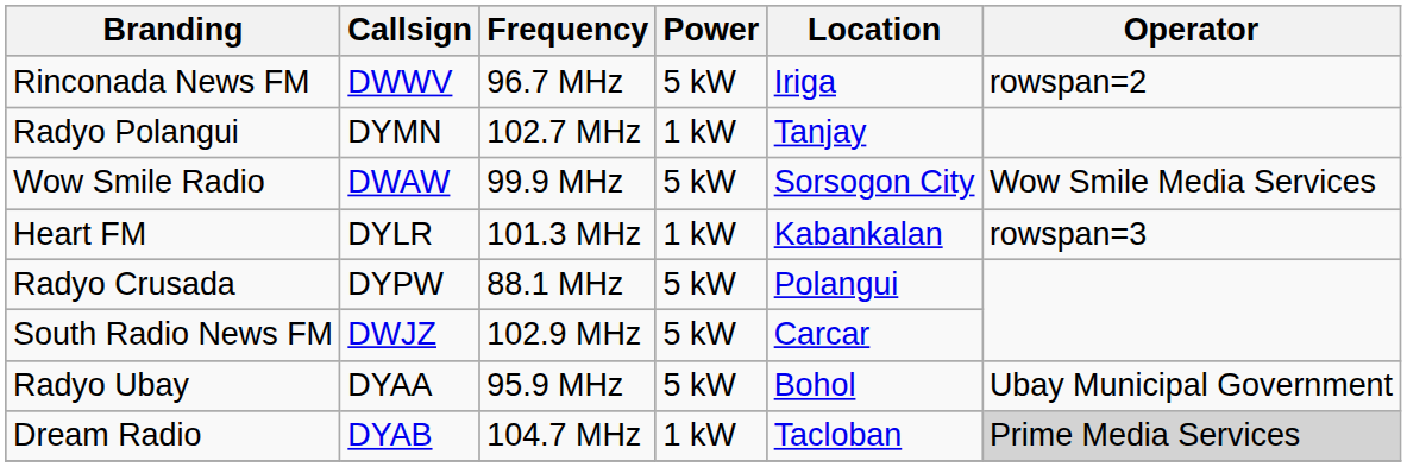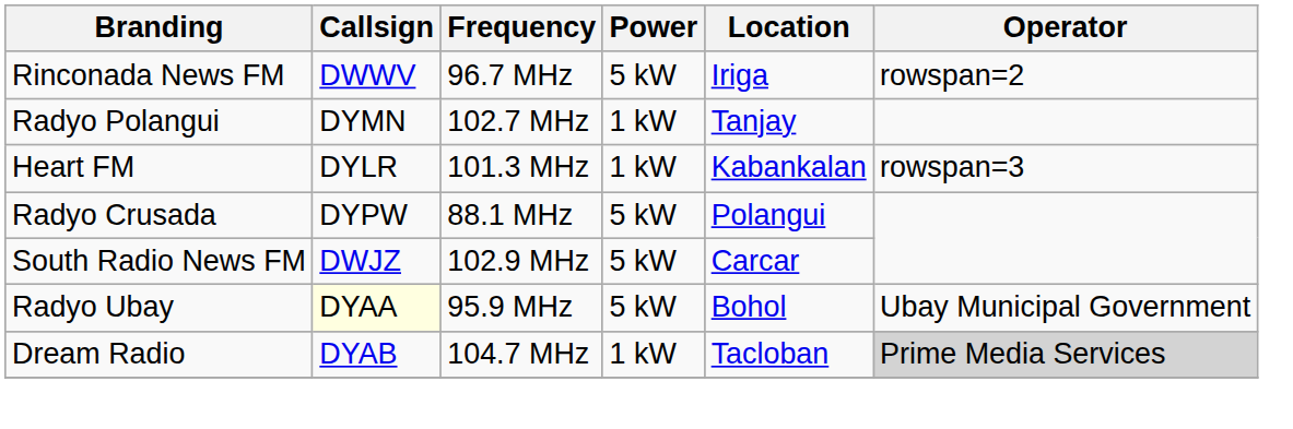 <table class="wikitable">
 <tr>
 <th>Branding</th>
 <th>Callsign</th>
 <th>Frequency</th>
 <th>Power</th>
 <th>Location</th>
 <th>Operator</th>
 </tr>
 <tr>
 <td>Rinconada News FM</td>
 <td><a href='#'>DWWV</a></td>
 <td>96.7 MHz</td>
 <td>5 kW</td>
 <td><a href='#'>Iriga</a></td>
 <td>rowspan=2 <em></em></td>
 </tr>
 <tr>
 <td>Radyo Polangui</td>
 <td>DYMN</td>
 <td>102.7 MHz</td>
 <td>1 kW</td>
 <td><a href='#'>Tanjay</a></td>
 </tr>
 <tr>
-<td>Wow Smile Radio</td>
-<td><a href='#'>DWAW</a></td>
-<td>99.9 MHz</td>
-<td>5 kW</td>
-<td><a href='#'>Sorsogon City</a></td>
-<td>Wow Smile Media Services</td>
-</tr>
-<tr>
 <td>Heart FM</td>
 <td>DYLR</td>
 <td>101.3 MHz</td>
 <td>1 kW</td>
 <td><a href='#'>Kabankalan</a></td>
 <td>rowspan=3 <em></em></td>
 </tr>
 <tr>
 <td>Radyo Crusada</td>
 <td>DYPW</td>
 <td>88.1 MHz</td>
 <td>5 kW</td>
 <td><a href='#'>Polangui</a></td>
 </tr>
 <tr>
 <td>South Radio News FM</td>
 <td><a href='#'>DWJZ</a></td>
 <td>102.9 MHz</td>
 <td>5 kW</td>
 <td><a href='#'>Carcar</a></td>
 </tr>
 <tr>
 <td>Radyo Ubay</td>
-<td>DYAA</td>
+<td style="background: lightyellow;">DYAA</td>
 <td>95.9 MHz</td>
 <td>5 kW</td>
 <td><a href='#'>Bohol</a></td>
 <td>Ubay Municipal Government</td>
 </tr>
 <tr>
 <td>Dream Radio</td>
 <td><a href='#'>DYAB</a></td>
 <td>104.7 MHz</td>
 <td>1 kW</td>
 <td><a href='#'>Tacloban</a></td>
 <td style="background: lightgrey;">Prime Media Services</td>
 </tr>
 <tr>
 </tr>
 </table>
